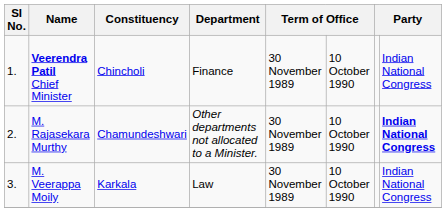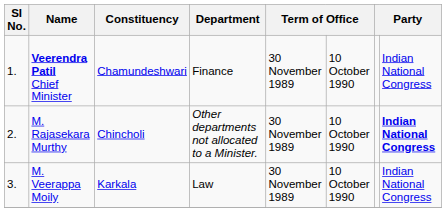 <table class="wikitable">
 <tr>
 <th>SI No.</th>
 <th>Name</th>
 <th>Constituency</th>
 <th>Department</th>
 <th colspan="2">Term of Office</th>
 <th colspan="2">Party</th>
 </tr>
 <tr>
 <td>1.</td>
 <td><br><strong><a href='#'>Veerendra Patil</a></strong><br><a href='#'>Chief Minister</a></td>
-<td><a href='#'>Chincholi</a></td>
+<td><a href='#'>Chamundeshwari</a></td>
 <td>Finance</td>
 <td>30 November 1989</td>
 <td>10 October 1990</td>
 <td style="background:"></td>
 <td><a href='#'>Indian National Congress</a></td>
 </tr>
 <tr>
 <td>2.</td>
 <td><a href='#'>M. Rajasekara Murthy</a></td>
-<td><a href='#'>Chamundeshwari</a></td>
+<td><a href='#'>Chincholi</a></td>
 <td><em>Other departments not allocated to a Minister.</em></td>
 <td>30 November 1989</td>
 <td>10 October 1990</td>
 <td style="background:"></td>
 <td><strong><a href='#'>Indian National Congress</a></strong></td>
 </tr>
 <tr>
 <td>3.</td>
 <td><a href='#'>M. Veerappa Moily</a></td>
 <td><a href='#'>Karkala</a></td>
 <td>Law</td>
 <td>30 November 1989</td>
 <td>10 October 1990</td>
 <td style="background:"></td>
 <td><a href='#'>Indian National Congress</a></td>
 </tr>
 <tr style="text-align:center">
 </tr>
 </table>
